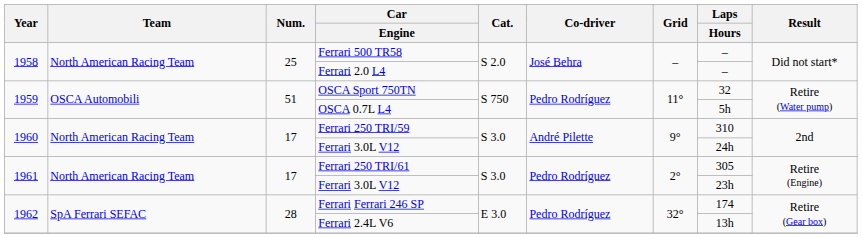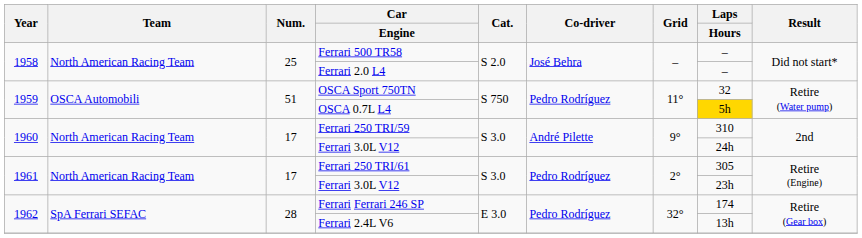 <table class="wikitable centre" width=90%>
 <tr align=center>
 <th scope=col rowspan="2">Year</th>
 <th scope=col rowspan="2">Team</th>
 <th scope=col rowspan="2">Num.</th>
 <th scope=col>Car</th>
 <th scope=col rowspan="2">Cat.</th>
 <th scope=col rowspan="2">Co-driver</th>
 <th scope=col rowspan="2">Grid</th>
 <th scope=col>Laps</th>
 <th scope=col rowspan="2">Result</th>
 </tr>
 <tr>
 <th scope=col>Engine</th>
 <th scope=col>Hours</th>
 </tr>
 <tr align=left>
 <td rowspan="2" style="text-align:center;"><a href='#'>1958</a></td>
 <td rowspan="2"> <a href='#'>North American Racing Team</a></td>
 <td rowspan="2" style="text-align:center;">25</td>
 <td><a href='#'>Ferrari 500 TR58</a></td>
 <td rowspan="2">S 2.0</td>
 <td rowspan="2"> <a href='#'>José Behra</a></td>
 <td rowspan="2" style="text-align:center;">–</td>
 <td style="text-align:center;">–</td>
 <td rowspan="2" style="text-align:center;">Did not start*</td>
 </tr>
 <tr align=left>
 <td><a href='#'>Ferrari</a> 2.0 <a href='#'>L4</a></td>
 <td style="text-align:center;">–</td>
 </tr>
 <tr>
 <td rowspan="2" style="text-align:center;"><a href='#'>1959</a></td>
 <td rowspan="2"> <a href='#'>OSCA Automobili</a></td>
 <td rowspan="2" style="text-align:center;">51</td>
 <td><a href='#'>OSCA Sport 750TN</a></td>
 <td rowspan="2">S 750</td>
 <td rowspan="2"> <a href='#'>Pedro Rodríguez</a></td>
 <td rowspan="2" style="text-align:center;">11°</td>
 <td style="text-align:center;">32</td>
 <td rowspan="2" style="text-align:center;">Retire<br><small>(<a href='#'>Water pump</a>)</small></td>
 </tr>
 <tr>
 <td><a href='#'>OSCA</a> 0.7L <a href='#'>L4</a></td>
-<td style="text-align:center;">5h</td>
+<td style="background: gold; text-align:center;">5h</td>
 </tr>
 <tr align=left>
 <td rowspan="2" style="text-align:center;"><a href='#'>1960</a></td>
 <td rowspan="2"> <a href='#'>North American Racing Team</a></td>
 <td rowspan="2" style="text-align:center;">17</td>
 <td><a href='#'>Ferrari 250 TRI/59</a></td>
 <td rowspan="2">S 3.0</td>
 <td rowspan="2"> <a href='#'>André Pilette</a></td>
 <td rowspan="2" style="text-align:center;">9°</td>
 <td style="text-align:center;">310</td>
 <td rowspan="2" style="text-align:center;">2nd</td>
 </tr>
 <tr align=left>
 <td><a href='#'>Ferrari</a> 3.0L <a href='#'>V12</a></td>
 <td style="text-align:center;">24h</td>
 </tr>
 <tr>
 <td rowspan="2" style="text-align:center;"><a href='#'>1961</a></td>
 <td rowspan="2"> <a href='#'>North American Racing Team</a></td>
 <td rowspan="2" style="text-align:center;">17</td>
 <td><a href='#'>Ferrari 250 TRI/61</a></td>
 <td rowspan="2">S 3.0</td>
 <td rowspan="2"> <a href='#'>Pedro Rodríguez</a></td>
 <td rowspan="2" style="text-align:center;">2°</td>
 <td style="text-align:center;">305</td>
 <td rowspan="2" style="text-align:center;">Retire<br><small>(Engine)</small></td>
 </tr>
 <tr>
 <td><a href='#'>Ferrari</a> 3.0L <a href='#'>V12</a></td>
 <td style="text-align:center;">23h</td>
 </tr>
 <tr align=left>
 <td rowspan="2" style="text-align:center;"><a href='#'>1962</a></td>
 <td rowspan="2"> <a href='#'>SpA Ferrari SEFAC</a></td>
 <td rowspan="2" style="text-align:center;">28</td>
 <td><a href='#'>Ferrari</a> <a href='#'>Ferrari 246 SP</a></td>
 <td rowspan="2">E 3.0</td>
 <td rowspan="2"> <a href='#'>Pedro Rodríguez</a></td>
 <td rowspan="2" style="text-align:center;">32°</td>
 <td style="text-align:center;">174</td>
 <td rowspan="2" style="text-align:center;">Retire<br><small>(<a href='#'>Gear box</a>)</small></td>
 </tr>
 <tr align=left>
 <td><a href='#'>Ferrari</a> 2.4L V6</td>
 <td style="text-align:center;">13h</td>
 </tr>
 <tr align=left style="background:#EFEFEF;">
 </tr>
 </table>
